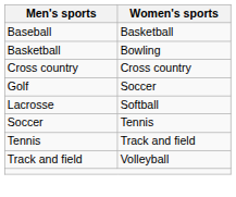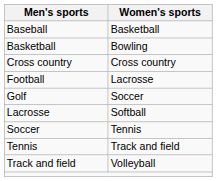 <table class="wikitable"; style= "text-align: ">
 <tr>
 <th width=150px>Men's sports</th>
 <th width=150px>Women's sports</th>
 </tr>
 <tr>
 <td>Baseball</td>
 <td>Basketball</td>
 </tr>
 <tr>
 <td>Basketball</td>
 <td>Bowling</td>
 </tr>
 <tr>
 <td>Cross country</td>
 <td>Cross country</td>
+</tr>
+<tr>
+<td>Football</td>
+<td>Lacrosse</td>
 </tr>
 <tr>
 <td>Golf</td>
 <td>Soccer</td>
 </tr>
 <tr>
 <td>Lacrosse</td>
 <td>Softball</td>
 </tr>
 <tr>
 <td>Soccer</td>
 <td>Tennis</td>
 </tr>
 <tr>
 <td>Tennis</td>
 <td>Track and field</td>
 </tr>
 <tr>
 <td>Track and field</td>
 <td>Volleyball</td>
 </tr>
 <tr>
 <td colspan="2"></td>
 </tr>
 </table>
